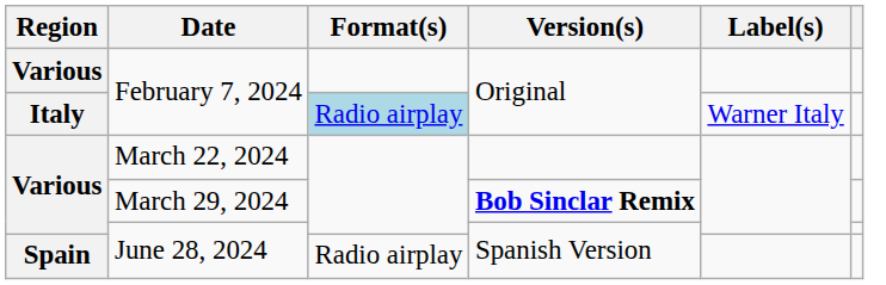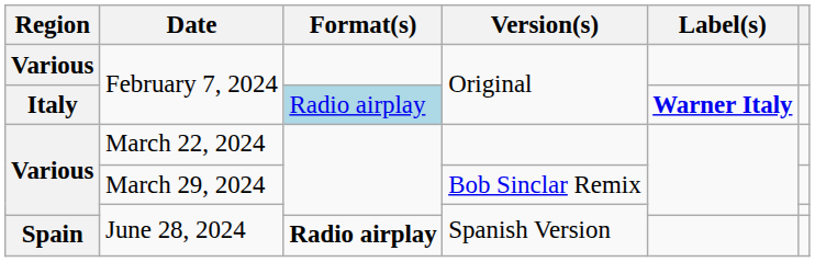 <table class="wikitable plainrowheaders">
 <tr>
 <th scope="col">Region</th>
 <th scope="col">Date</th>
 <th scope="col">Format(s)</th>
 <th scope="col">Version(s)</th>
 <th scope="col">Label(s)</th>
 <th scope="col"></th>
 </tr>
 <tr>
 <th scope="row">Various</th>
 <td rowspan="2">February 7, 2024</td>
 <td></td>
 <td rowspan="2">Original</td>
 <td></td>
 <td style="text-align:center;"></td>
 </tr>
 <tr>
 <th scope="row">Italy</th>
 <td style="background: lightblue;"><a href='#'>Radio airplay</a></td>
-<td><a href='#'>Warner Italy</a></td>
+<td><strong><a href='#'>Warner Italy</a></strong></td>
 <td style="text-align:center;"></td>
 </tr>
 <tr>
 <th rowspan="3" scope="row">Various</th>
 <td>March 22, 2024</td>
 <td rowspan="3"></td>
 <td></td>
 <td rowspan="3"></td>
 <td style="text-align:center;"></td>
 </tr>
 <tr>
 <td>March 29, 2024</td>
-<td><strong><a href='#'>Bob Sinclar</a> Remix</strong></td>
+<td><a href='#'>Bob Sinclar</a> Remix</td>
 <td style="text-align:center;"></td>
 </tr>
 <tr>
 <td rowspan="2">June 28,  2024</td>
 <td rowspan="2">Spanish Version</td>
 <td style="text-align:center;"></td>
 </tr>
 <tr>
 <th scope="row">Spain</th>
-<td>Radio airplay</td>
+<td><strong>Radio airplay</strong></td>
 <td></td>
 <td style="text-align:center;"></td>
 </tr>
 </table>
